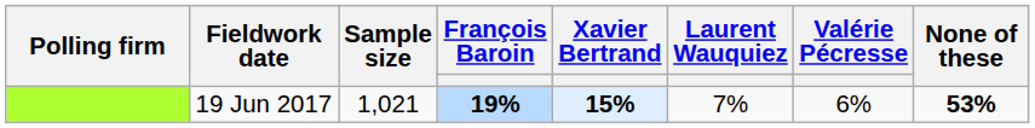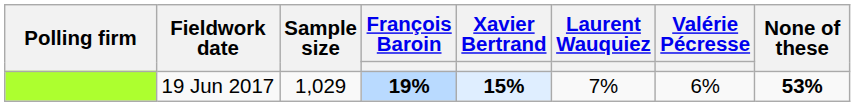 <table class="wikitable sortable" style="text-align:center;font-size:90%;line-height:14px;">
 <tr style="height:40px;">
 <th style="width:100px;" rowspan="2">Polling firm</th>
 <th style="width:80px;" rowspan="2">Fieldwork date</th>
 <th style="width:35px;" rowspan="2">Sample<br>size</th>
 <th class="unsortable" style="width:60px;"><a href='#'>François Baroin</a></th>
 <th class="unsortable" style="width:60px;"><a href='#'>Xavier Bertrand</a></th>
 <th class="unsortable" style="width:60px;"><a href='#'>Laurent Wauquiez</a></th>
 <th class="unsortable" style="width:60px;"><a href='#'>Valérie Pécresse</a></th>
 <th class="unsortable" style="width:60px;" rowspan="2">None of these</th>
 </tr>
 <tr>
 <th style="background:"></th>
 <th style="background:"></th>
 <th style="background:"></th>
 <th style="background:"></th>
 </tr>
 <tr>
 <td style="background:GreenYellow;"></td>
 <td data-sort-value="2017-06-19">19 Jun 2017</td>
-<td>1,021</td>
+<td>1,029</td>
 <td style="background:#B9DAFF;"><strong>19%</strong></td>
 <td style="background:#DFEEFF;"><strong>15%</strong></td>
 <td>7%</td>
 <td>6%</td>
 <td><strong>53%</strong></td>
 </tr>
 </table>
